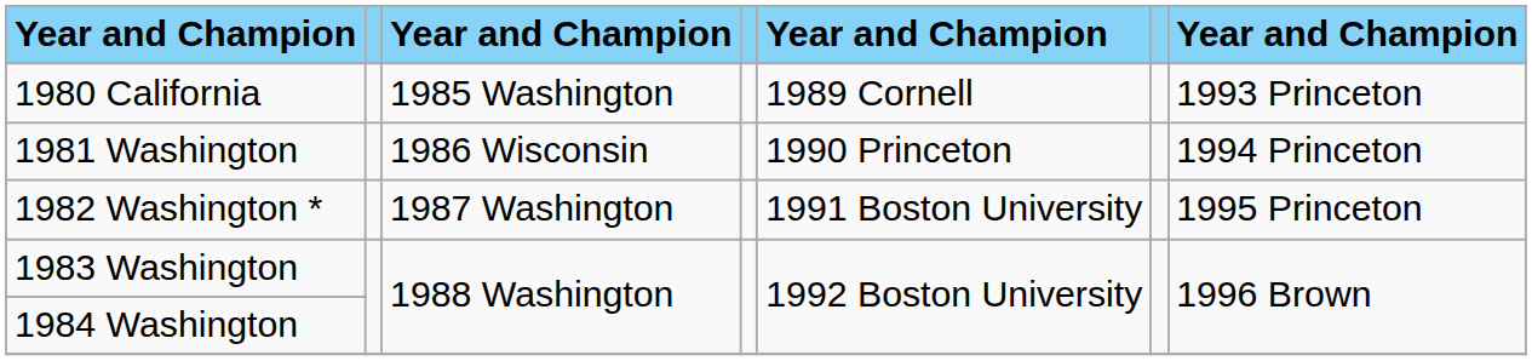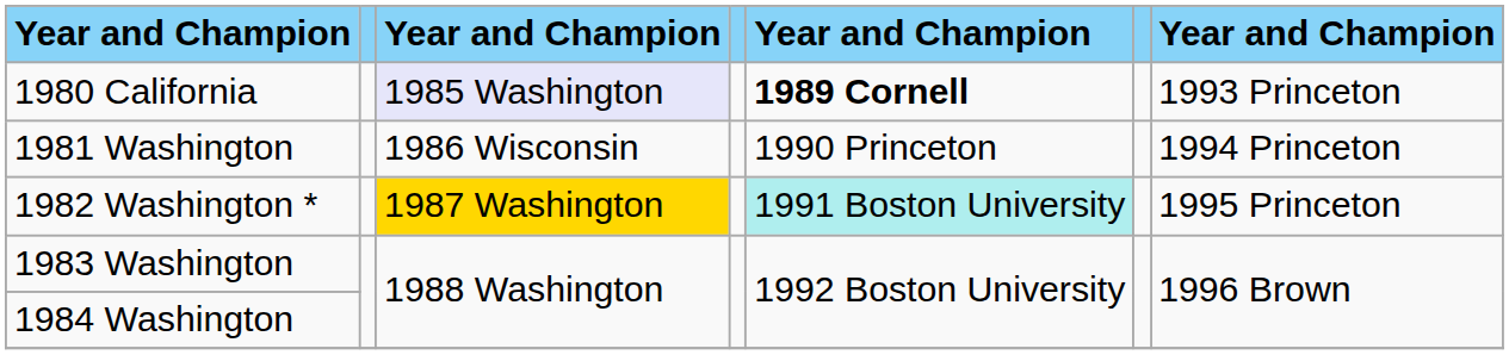 <table class="wikitable">
 <tr ! style="background-color: #87D3F8;">
 <td><strong>Year and Champion</strong></td>
 <td></td>
 <td><strong>Year and Champion</strong></td>
 <td></td>
 <td><strong>Year and Champion</strong></td>
 <td></td>
 <td><strong>Year and Champion</strong></td>
 </tr>
 <tr --->
 <td>1980 California</td>
 <td></td>
-<td>1985 Washington</td>
+<td style="background: lavender;">1985 Washington</td>
 <td></td>
-<td>1989 Cornell</td>
+<td><strong>1989 Cornell</strong></td>
 <td></td>
 <td>1993 Princeton</td>
 </tr>
 <tr --->
 <td>1981 Washington</td>
 <td></td>
 <td>1986 Wisconsin</td>
 <td></td>
 <td>1990 Princeton</td>
 <td></td>
 <td>1994 Princeton</td>
 </tr>
 <tr --->
 <td>1982 Washington *</td>
 <td></td>
-<td>1987 Washington</td>
+<td style="background: gold;">1987 Washington</td>
 <td></td>
-<td>1991 Boston University</td>
+<td style="background: paleturquoise;">1991 Boston University</td>
 <td></td>
 <td>1995 Princeton</td>
 </tr>
 <tr --->
 <td>1983 Washington</td>
 <td rowspan="2"></td>
 <td rowspan="2">1988 Washington</td>
 <td rowspan="2"></td>
 <td rowspan="2">1992 Boston University</td>
 <td rowspan="2"></td>
 <td rowspan="2">1996 Brown</td>
 </tr>
 <tr --->
 <td>1984 Washington</td>
 </tr>
 <tr --->
 </tr>
 </table>
